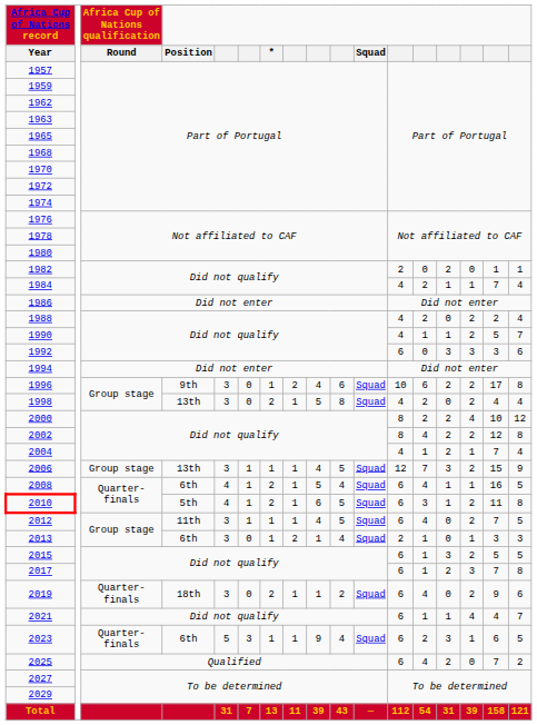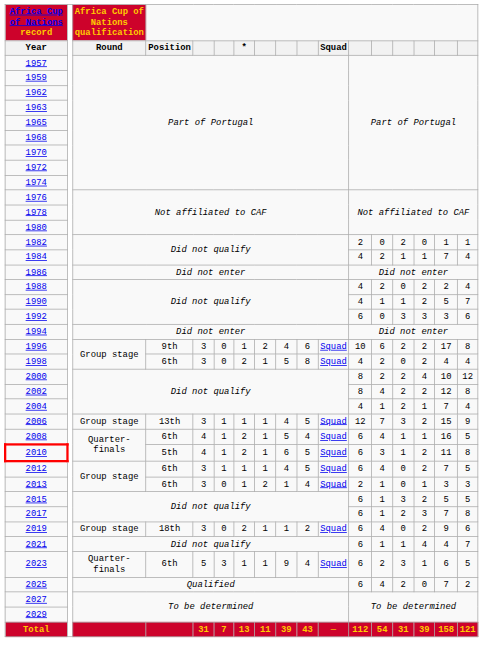 <table class="wikitable" class="wikitable" style="font-size:90%; text-align:center; width:100%">
 <tr>
 <th style="background:#CD022B; color:#FFCC00; "><a href='#'><span>Africa Cup of Nations</span></a> record</th>
 <th rowspan="40" style="width:1%;background:white"></th>
 <th style="background:#CD022B; color:#FFCC00; ">Africa Cup of Nations qualification</th>
 </tr>
 <tr>
 <th width="15%">Year</th>
 <th width="15%">Round</th>
 <th width="5%">Position</th>
 <th width="5%"></th>
 <th width="5%"></th>
 <th width="5%">*</th>
 <th width="5%"></th>
 <th width="5%"></th>
 <th width="5%"></th>
 <th width="5%">Squad</th>
 <th width="5%"></th>
 <th width="5%"></th>
 <th width="5%"></th>
 <th width="5%"></th>
 <th width="5%"></th>
 <th width="5%"></th>
 </tr>
 <tr>
 <td> <a href='#'>1957</a></td>
 <td colspan="9" rowspan="9"><em>Part of Portugal</em></td>
 <td colspan="6" rowspan="9"><em>Part of Portugal</em></td>
 </tr>
 <tr>
 <td> <a href='#'>1959</a></td>
 </tr>
 <tr>
 <td> <a href='#'>1962</a></td>
 </tr>
 <tr>
 <td> <a href='#'>1963</a></td>
 </tr>
 <tr>
 <td> <a href='#'>1965</a></td>
 </tr>
 <tr>
 <td> <a href='#'>1968</a></td>
 </tr>
 <tr>
 <td> <a href='#'>1970</a></td>
 </tr>
 <tr>
 <td> <a href='#'>1972</a></td>
 </tr>
 <tr>
 <td> <a href='#'>1974</a></td>
 </tr>
 <tr>
 <td> <a href='#'>1976</a></td>
 <td colspan="9" rowspan="3"><em>Not affiliated to CAF</em></td>
 <td colspan="6" rowspan="3"><em>Not affiliated to CAF</em></td>
 </tr>
 <tr>
 <td> <a href='#'>1978</a></td>
 </tr>
 <tr>
 <td> <a href='#'>1980</a></td>
 </tr>
 <tr>
 <td> <a href='#'>1982</a></td>
 <td colspan="9" rowspan="2"><em>Did not qualify</em></td>
 <td>2</td>
 <td>0</td>
 <td>2</td>
 <td>0</td>
 <td>1</td>
 <td>1</td>
 </tr>
 <tr>
 <td> <a href='#'>1984</a></td>
 <td>4</td>
 <td>2</td>
 <td>1</td>
 <td>1</td>
 <td>7</td>
 <td>4</td>
 </tr>
 <tr>
 <td> <a href='#'>1986</a></td>
 <td colspan="9"><em>Did not enter</em></td>
 <td colspan="6"><em>Did not enter</em></td>
 </tr>
 <tr>
 <td> <a href='#'>1988</a></td>
 <td colspan="9" rowspan="3"><em>Did not qualify</em></td>
 <td>4</td>
 <td>2</td>
 <td>0</td>
 <td>2</td>
 <td>2</td>
 <td>4</td>
 </tr>
 <tr>
 <td> <a href='#'>1990</a></td>
 <td>4</td>
 <td>1</td>
 <td>1</td>
 <td>2</td>
 <td>5</td>
 <td>7</td>
 </tr>
 <tr>
 <td> <a href='#'>1992</a></td>
 <td>6</td>
 <td>0</td>
 <td>3</td>
 <td>3</td>
 <td>3</td>
 <td>6</td>
 </tr>
 <tr>
 <td> <a href='#'>1994</a></td>
 <td colspan="9"><em>Did not enter</em></td>
 <td colspan="6"><em>Did not enter</em></td>
 </tr>
 <tr>
 <td> <a href='#'>1996</a></td>
 <td rowspan=2>Group stage</td>
 <td>9th</td>
 <td>3</td>
 <td>0</td>
 <td>1</td>
 <td>2</td>
 <td>4</td>
 <td>6</td>
 <td><a href='#'>Squad</a></td>
 <td>10</td>
 <td>6</td>
 <td>2</td>
 <td>2</td>
 <td>17</td>
 <td>8</td>
 </tr>
 <tr>
 <td> <a href='#'>1998</a></td>
-<td>13th</td>
+<td>6th</td>
 <td>3</td>
 <td>0</td>
 <td>2</td>
 <td>1</td>
 <td>5</td>
 <td>8</td>
 <td><a href='#'>Squad</a></td>
 <td>4</td>
 <td>2</td>
 <td>0</td>
 <td>2</td>
 <td>4</td>
 <td>4</td>
 </tr>
 <tr>
 <td>  <a href='#'>2000</a></td>
 <td colspan="9" rowspan="3"><em>Did not qualify</em></td>
 <td>8</td>
 <td>2</td>
 <td>2</td>
 <td>4</td>
 <td>10</td>
 <td>12</td>
 </tr>
 <tr>
 <td> <a href='#'>2002</a></td>
 <td>8</td>
 <td>4</td>
 <td>2</td>
 <td>2</td>
 <td>12</td>
 <td>8</td>
 </tr>
 <tr>
 <td> <a href='#'>2004</a></td>
 <td>4</td>
 <td>1</td>
 <td>2</td>
 <td>1</td>
 <td>7</td>
 <td>4</td>
 </tr>
 <tr>
 <td> <a href='#'>2006</a></td>
 <td>Group stage</td>
 <td>13th</td>
 <td>3</td>
 <td>1</td>
 <td>1</td>
 <td>1</td>
 <td>4</td>
 <td>5</td>
 <td><a href='#'>Squad</a></td>
 <td>12</td>
 <td>7</td>
 <td>3</td>
 <td>2</td>
 <td>15</td>
 <td>9</td>
 </tr>
 <tr>
 <td> <a href='#'>2008</a></td>
 <td rowspan=2>Quarter-finals</td>
 <td>6th</td>
 <td>4</td>
 <td>1</td>
 <td>2</td>
 <td>1</td>
 <td>5</td>
 <td>4</td>
 <td><a href='#'>Squad</a></td>
 <td>6</td>
 <td>4</td>
 <td>1</td>
 <td>1</td>
 <td>16</td>
 <td>5</td>
 </tr>
 <tr>
 <td style="border: 3px solid red "> <a href='#'>2010</a></td>
 <td>5th</td>
 <td>4</td>
 <td>1</td>
 <td>2</td>
 <td>1</td>
 <td>6</td>
 <td>5</td>
 <td><a href='#'>Squad</a></td>
 <td>6</td>
 <td>3</td>
 <td>1</td>
 <td>2</td>
 <td>11</td>
 <td>8</td>
 </tr>
 <tr>
 <td>  <a href='#'>2012</a></td>
 <td rowspan=2>Group stage</td>
-<td>11th</td>
+<td>6th</td>
 <td>3</td>
 <td>1</td>
 <td>1</td>
 <td>1</td>
 <td>4</td>
 <td>5</td>
 <td><a href='#'>Squad</a></td>
 <td>6</td>
 <td>4</td>
 <td>0</td>
 <td>2</td>
 <td>7</td>
 <td>5</td>
 </tr>
 <tr>
 <td> <a href='#'>2013</a></td>
 <td>6th</td>
 <td>3</td>
 <td>0</td>
 <td>1</td>
 <td>2</td>
 <td>1</td>
 <td>4</td>
 <td><a href='#'>Squad</a></td>
 <td>2</td>
 <td>1</td>
 <td>0</td>
 <td>1</td>
 <td>3</td>
 <td>3</td>
 </tr>
 <tr>
 <td> <a href='#'>2015</a></td>
 <td colspan="9" rowspan="2"><em>Did not qualify</em></td>
 <td>6</td>
 <td>1</td>
 <td>3</td>
 <td>2</td>
 <td>5</td>
 <td>5</td>
 </tr>
 <tr>
 <td> <a href='#'>2017</a></td>
 <td>6</td>
 <td>1</td>
 <td>2</td>
 <td>3</td>
 <td>7</td>
 <td>8</td>
 </tr>
 <tr>
 <td> <a href='#'>2019</a></td>
-<td>Quarter-finals</td>
+<td>Group stage</td>
 <td>18th</td>
 <td>3</td>
 <td>0</td>
 <td>2</td>
 <td>1</td>
 <td>1</td>
 <td>2</td>
 <td><a href='#'>Squad</a></td>
 <td>6</td>
 <td>4</td>
 <td>0</td>
 <td>2</td>
 <td>9</td>
 <td>6</td>
 </tr>
 <tr>
 <td> <a href='#'>2021</a></td>
 <td colspan="9"><em>Did not qualify</em></td>
 <td>6</td>
 <td>1</td>
 <td>1</td>
 <td>4</td>
 <td>4</td>
 <td>7</td>
 </tr>
 <tr>
 <td> <a href='#'>2023</a></td>
 <td>Quarter-finals</td>
 <td>6th</td>
 <td>5</td>
 <td>3</td>
 <td>1</td>
 <td>1</td>
 <td>9</td>
 <td>4</td>
 <td><a href='#'>Squad</a></td>
 <td>6</td>
 <td>2</td>
 <td>3</td>
 <td>1</td>
 <td>6</td>
 <td>5</td>
 </tr>
 <tr>
 <td> <a href='#'>2025</a></td>
 <td colspan="9"><em>Qualified</em></td>
 <td>6</td>
 <td>4</td>
 <td>2</td>
 <td>0</td>
 <td>7</td>
 <td>2</td>
 </tr>
 <tr>
 <td>   <a href='#'>2027</a></td>
 <td colspan="9" rowspan="2"><em> To be determined </em></td>
 <td colspan="9" rowspan="2"><em> To be determined </em></td>
 </tr>
 <tr>
 <td> <a href='#'>2029</a></td>
 </tr>
 <tr>
 <th style="background:#CD022B; color:#FFCC00; ">Total</th>
 <th style="background:#CD022B; color:#FFCC00; "></th>
 <th style="background:#CD022B; color:#FFCC00; "></th>
 <th style="background:#CD022B; color:#FFCC00; ">31</th>
 <th style="background:#CD022B; color:#FFCC00; ">7</th>
 <th style="background:#CD022B; color:#FFCC00; ">13</th>
 <th style="background:#CD022B; color:#FFCC00; ">11</th>
 <th style="background:#CD022B; color:#FFCC00; ">39</th>
 <th style="background:#CD022B; color:#FFCC00; ">43</th>
 <td style="background:#CD022B; color:#FFCC00; ">—</td>
 <th style="background:#CD022B; color:#FFCC00; ">112</th>
 <th style="background:#CD022B; color:#FFCC00; ">54</th>
 <th style="background:#CD022B; color:#FFCC00; ">31</th>
 <th style="background:#CD022B; color:#FFCC00; ">39</th>
 <th style="background:#CD022B; color:#FFCC00; ">158</th>
 <th style="background:#CD022B; color:#FFCC00; ">121</th>
 </tr>
 </table>
